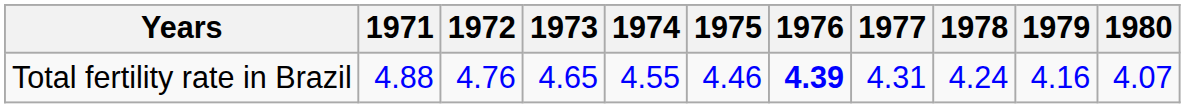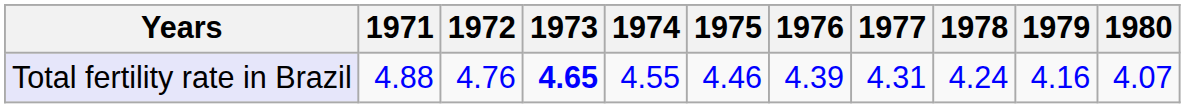 <table class="wikitable " style="text-align:right">
 <tr>
 <th>Years</th>
 <th>1971</th>
 <th>1972</th>
 <th>1973</th>
 <th>1974</th>
 <th>1975</th>
 <th>1976</th>
 <th>1977</th>
 <th>1978</th>
 <th>1979</th>
 <th>1980</th>
 </tr>
 <tr>
-<td align="left">Total fertility rate in Brazil</td>
+<td align="left" style="background: lavender;">Total fertility rate in Brazil</td>
 <td style="text-align:right; color:blue;">4.88</td>
 <td style="text-align:right; color:blue;">4.76</td>
-<td style="text-align:right; color:blue;">4.65</td>
+<td style="text-align:right; color:blue;"><strong>4.65</strong></td>
 <td style="text-align:right; color:blue;">4.55</td>
 <td style="text-align:right; color:blue;">4.46</td>
-<td style="text-align:right; color:blue;"><strong>4.39</strong></td>
+<td style="text-align:right; color:blue;">4.39</td>
 <td style="text-align:right; color:blue;">4.31</td>
 <td style="text-align:right; color:blue;">4.24</td>
 <td style="text-align:right; color:blue;">4.16</td>
 <td style="text-align:right; color:blue;">4.07</td>
 </tr>
 </table>
